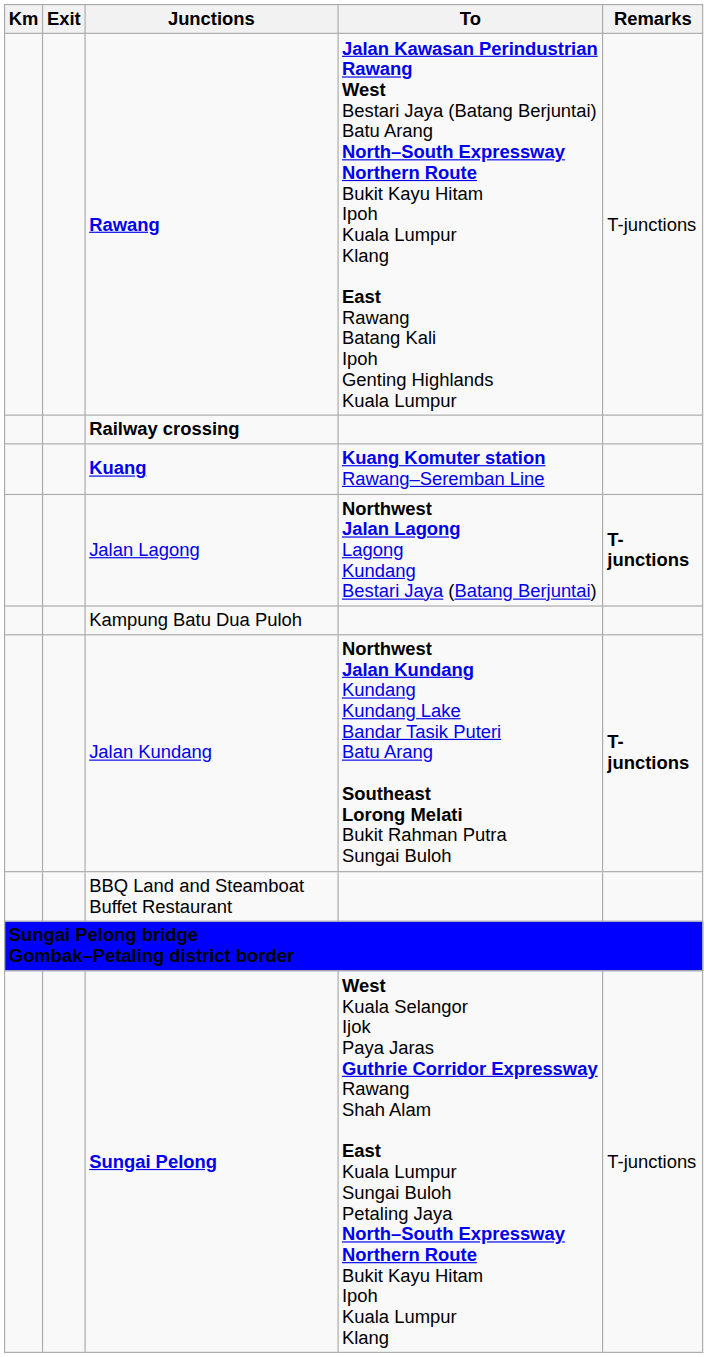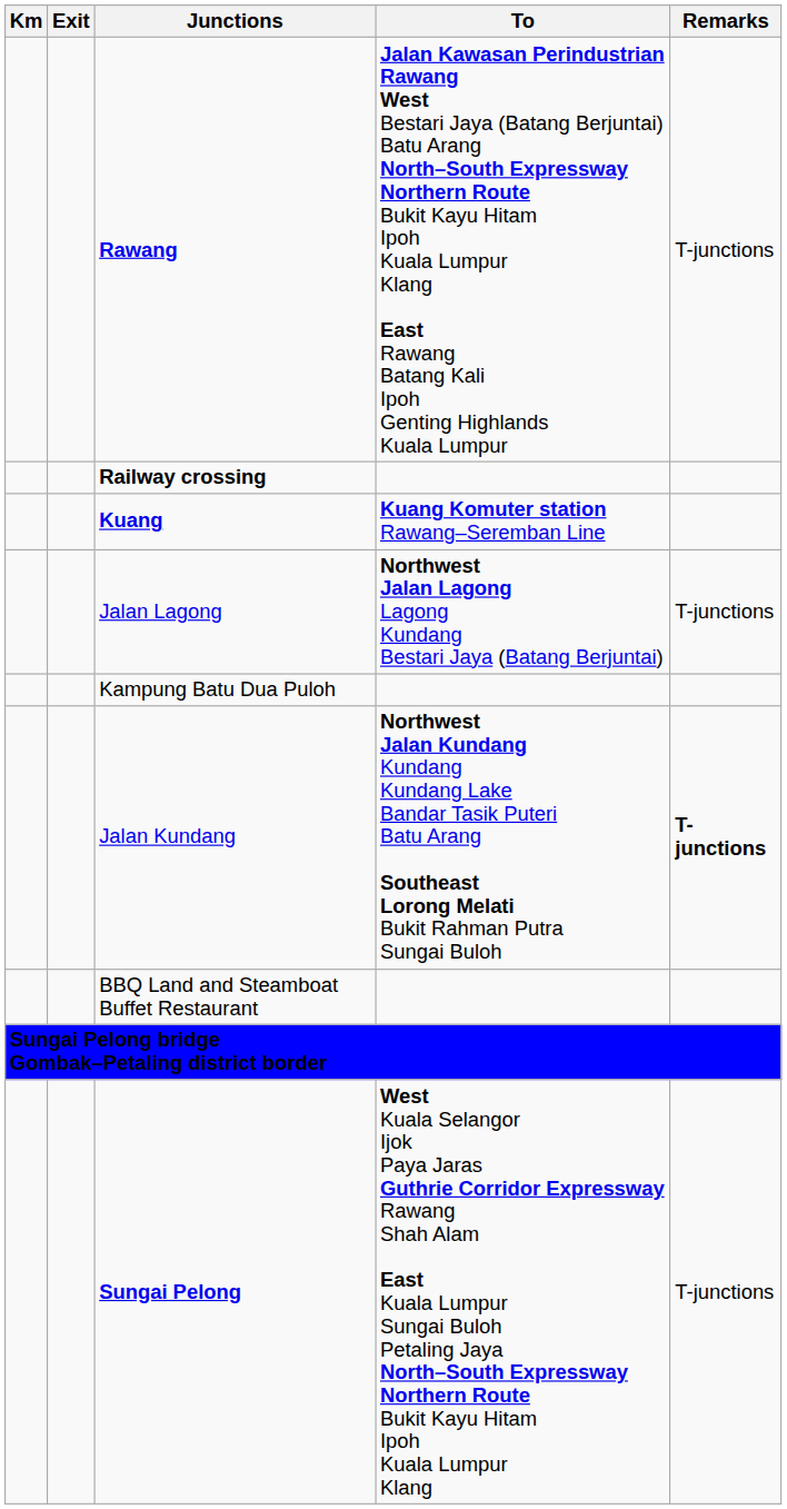 <table class="wikitable">
 <tr>
 <th>Km</th>
 <th>Exit</th>
 <th>Junctions</th>
 <th>To</th>
 <th>Remarks</th>
 </tr>
 <tr>
 <td></td>
 <td></td>
 <td><strong><a href='#'>Rawang</a></strong><br></td>
 <td>  <strong><a href='#'>Jalan Kawasan Perindustrian Rawang</a></strong><br><strong>West</strong><br>Bestari Jaya (Batang Berjuntai)<br>Batu Arang<br>  <strong><a href='#'>North–South Expressway Northern Route</a></strong><br>Bukit Kayu Hitam<br>Ipoh<br>Kuala Lumpur<br>Klang<br><br><strong>East</strong><br>Rawang<br>Batang Kali<br>Ipoh<br>Genting Highlands<br>Kuala Lumpur</td>
 <td>T-junctions</td>
 </tr>
 <tr>
 <td></td>
 <td></td>
 <td><strong>Railway crossing</strong></td>
 <td></td>
 <td></td>
 </tr>
 <tr>
 <td></td>
 <td></td>
 <td><strong><a href='#'>Kuang</a></strong></td>
 <td> <strong><a href='#'>Kuang Komuter station</a></strong><br><a href='#'>Rawang–Seremban Line</a></td>
 <td></td>
 </tr>
 <tr>
 <td></td>
 <td></td>
 <td><a href='#'>Jalan Lagong</a></td>
 <td><strong>Northwest</strong><br> <strong><a href='#'>Jalan Lagong</a></strong><br><a href='#'>Lagong</a><br><a href='#'>Kundang</a><br><a href='#'>Bestari Jaya</a> (<a href='#'>Batang Berjuntai</a>)</td>
-<td><strong>T-junctions</strong></td>
+<td>T-junctions</td>
 </tr>
 <tr>
 <td></td>
 <td></td>
 <td>Kampung Batu Dua Puloh</td>
 <td></td>
 <td></td>
 </tr>
 <tr>
 <td></td>
 <td></td>
 <td><a href='#'>Jalan Kundang</a></td>
 <td><strong>Northwest</strong><br> <strong><a href='#'>Jalan Kundang</a></strong><br><a href='#'>Kundang</a><br><a href='#'>Kundang Lake</a><br><a href='#'>Bandar Tasik Puteri</a><br><a href='#'>Batu Arang</a><br><br><strong>Southeast</strong><br><strong>Lorong Melati</strong><br>Bukit Rahman Putra<br>Sungai Buloh</td>
 <td><strong>T-junctions</strong></td>
 </tr>
 <tr>
 <td></td>
 <td></td>
 <td>BBQ Land and Steamboat Buffet Restaurant</td>
 <td></td>
 <td></td>
 </tr>
 <tr>
 <td style="width:600px" colspan="6" style="text-align:center" bgcolor="blue"><strong><span>Sungai Pelong bridge<br>Gombak–Petaling district border</span></strong></td>
 </tr>
 <tr>
 <td></td>
 <td></td>
 <td><strong><a href='#'>Sungai Pelong</a></strong></td>
 <td><strong>West</strong><br> Kuala Selangor<br> Ijok<br> Paya Jaras<br> <strong><a href='#'>Guthrie Corridor Expressway</a></strong><br>Rawang<br>Shah Alam<br><br><strong>East</strong><br> Kuala Lumpur<br> Sungai Buloh<br> Petaling Jaya<br>  <strong><a href='#'>North–South Expressway Northern Route</a></strong><br>Bukit Kayu Hitam<br>Ipoh<br>Kuala Lumpur<br>Klang</td>
 <td>T-junctions</td>
 </tr>
 </table>
